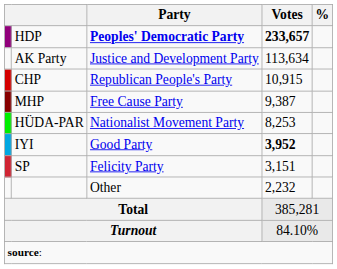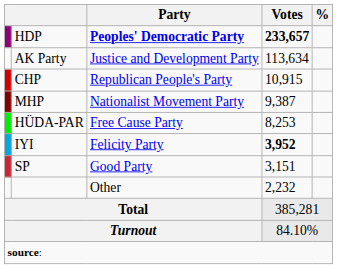 <table class="wikitable">
 <tr>
 <th colspan="2" align="center"></th>
 <th align="center">Party</th>
 <th align="center">Votes</th>
 <th align="center">%</th>
 </tr>
 <tr align="left">
 <td bgcolor="#91007B" width="1"></td>
 <td>HDP</td>
 <td><strong><a href='#'>Peoples' Democratic Party</a></strong></td>
 <td><strong>233,657</strong></td>
 <td><strong></strong></td>
 </tr>
 <tr align="left">
 <td></td>
 <td>AK Party</td>
 <td><a href='#'>Justice and Development Party</a></td>
 <td>113,634</td>
 <td></td>
 </tr>
 <tr align="left">
 <td bgcolor="#d50000" width="1"></td>
 <td>CHP</td>
 <td><a href='#'>Republican People's Party</a></td>
 <td>10,915</td>
 <td></td>
 </tr>
 <tr align="left">
 <td bgcolor="#870000" width="1"></td>
 <td>MHP</td>
-<td><a href='#'>Free Cause Party</a></td>
+<td><a href='#'>Nationalist Movement Party</a></td>
 <td>9,387</td>
 <td></td>
 </tr>
 <tr align="left">
 <td bgcolor="#Green" width="1"></td>
 <td>HÜDA-PAR</td>
-<td><a href='#'>Nationalist Movement Party</a></td>
+<td><a href='#'>Free Cause Party</a></td>
 <td>8,253</td>
 <td></td>
 </tr>
 <tr align="left">
 <td bgcolor="#01A7E1" width="1"></td>
 <td>IYI</td>
-<td><a href='#'>Good Party</a></td>
+<td><a href='#'>Felicity Party</a></td>
 <td><strong>3,952</strong></td>
 <td></td>
 </tr>
 <tr align="left">
 <td bgcolor="#D02433" width="1"></td>
 <td>SP</td>
-<td><a href='#'>Felicity Party</a></td>
+<td><a href='#'>Good Party</a></td>
 <td>3,151</td>
 <td></td>
 </tr>
 <tr align="left">
 <td bgcolor="" width="1"></td>
 <td></td>
 <td>Other</td>
 <td>2,232</td>
 <td></td>
 </tr>
 <tr align="left" style="background-color:#E9E9E9">
 <th colspan="3" align="center"><strong>Total</strong></th>
 <td colspan="5" align="center">385,281</td>
 </tr>
 <tr align="left" style="background-color:#E9E9E9">
 <th colspan="3" align="center"><em>Turnout</em></th>
 <td colspan="5" align="center">84.10%</td>
 </tr>
 <tr>
 <td colspan="9" align="left"><small><strong>source</strong>: </small></td>
 </tr>
 </table>
